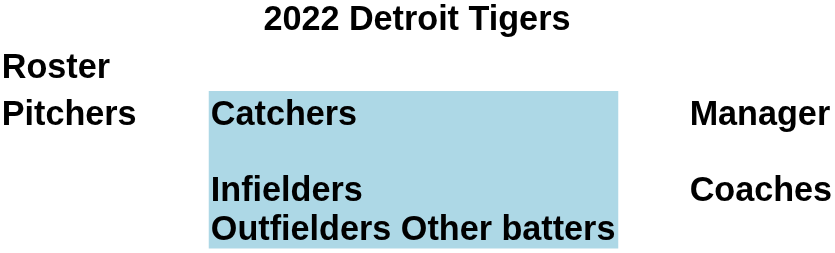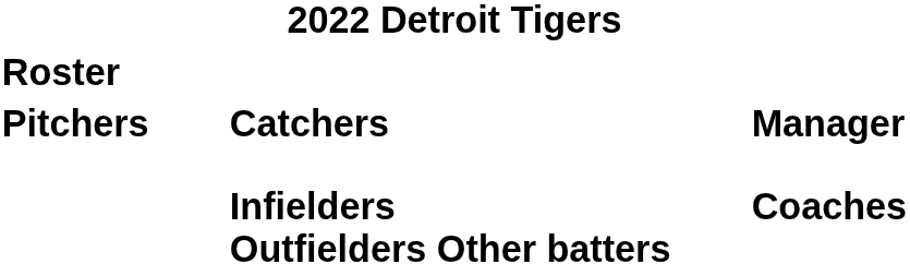 <table class="toccolours" style="font-size: 95%;">
 <tr>
 <th colspan="10">2022 Detroit Tigers</th>
 </tr>
 <tr>
 <td colspan="10"><strong>Roster</strong></td>
 </tr>
 <tr>
 <td valign="top"><strong>Pitchers</strong><br>                             </td>
 <td width="25px"></td>
-<td valign="top" style="background: lightblue;"><strong>Catchers</strong><br>  <br><strong>Infielders</strong>          <br><strong>Outfielders</strong>          <strong>Other batters</strong> </td>
+<td valign="top"><strong>Catchers</strong><br>  <br><strong>Infielders</strong>          <br><strong>Outfielders</strong>          <strong>Other batters</strong> </td>
 <td width="25px"></td>
 <td valign="top"><strong>Manager</strong><br><br><strong>Coaches</strong>                      </td>
 </tr>
 </table>
